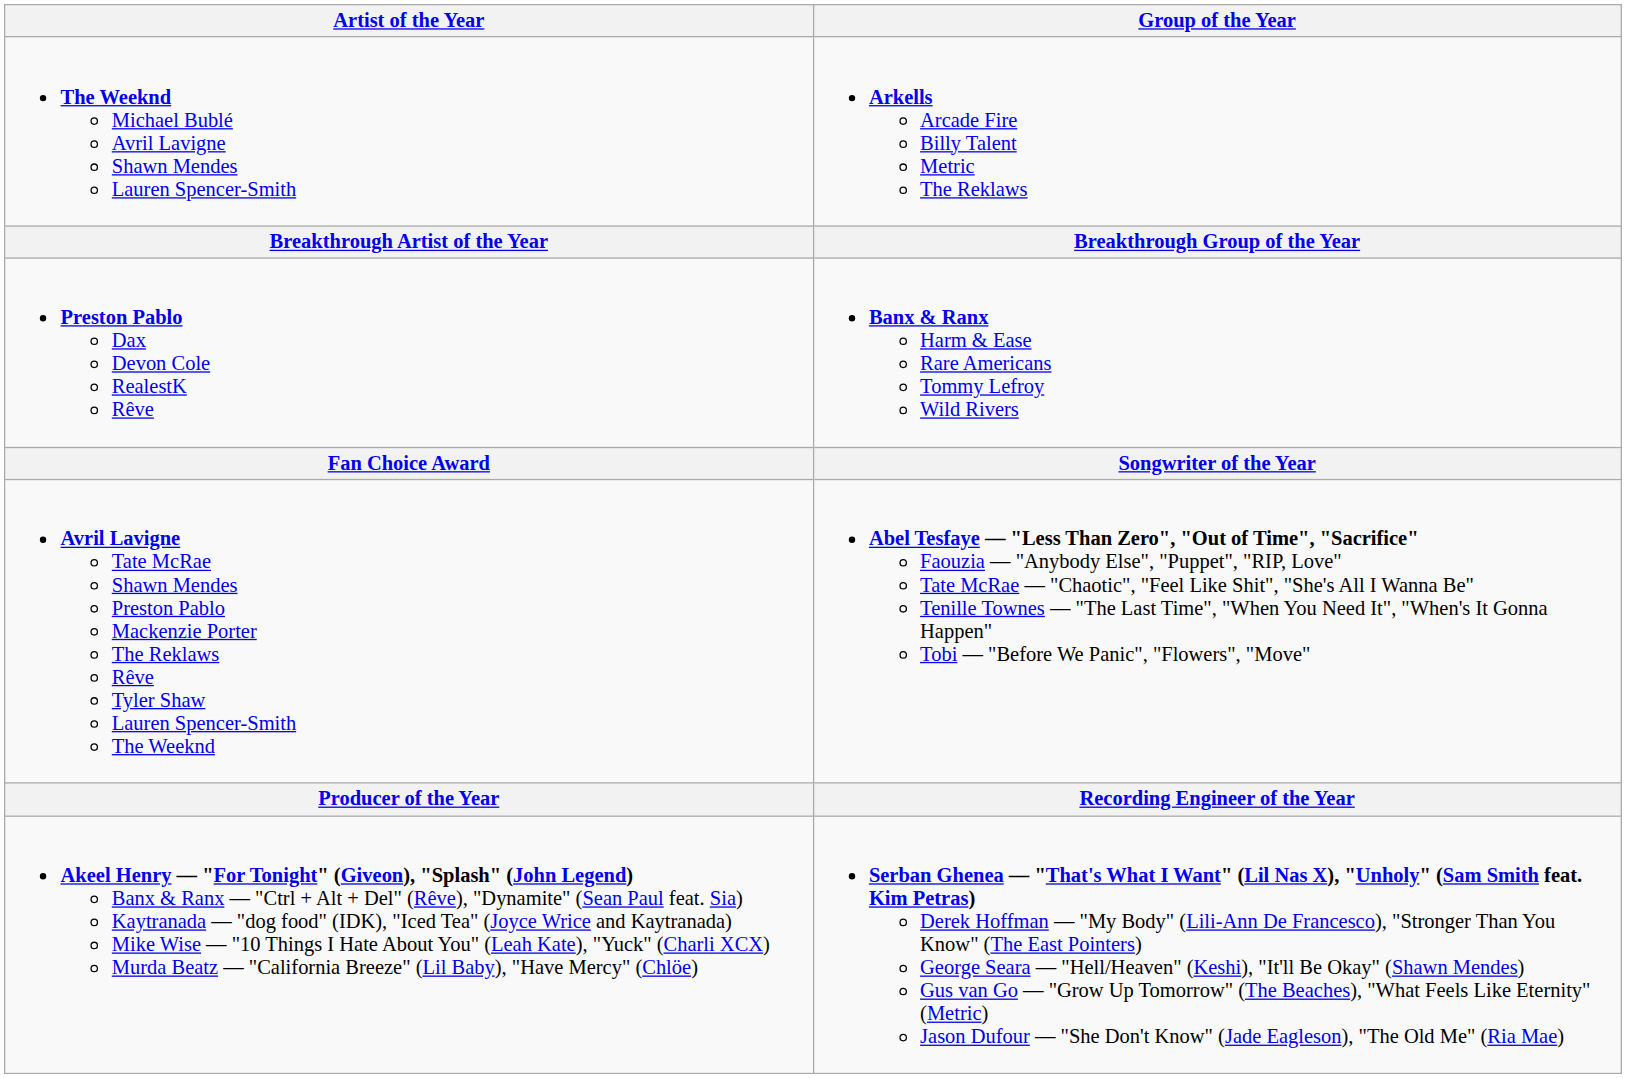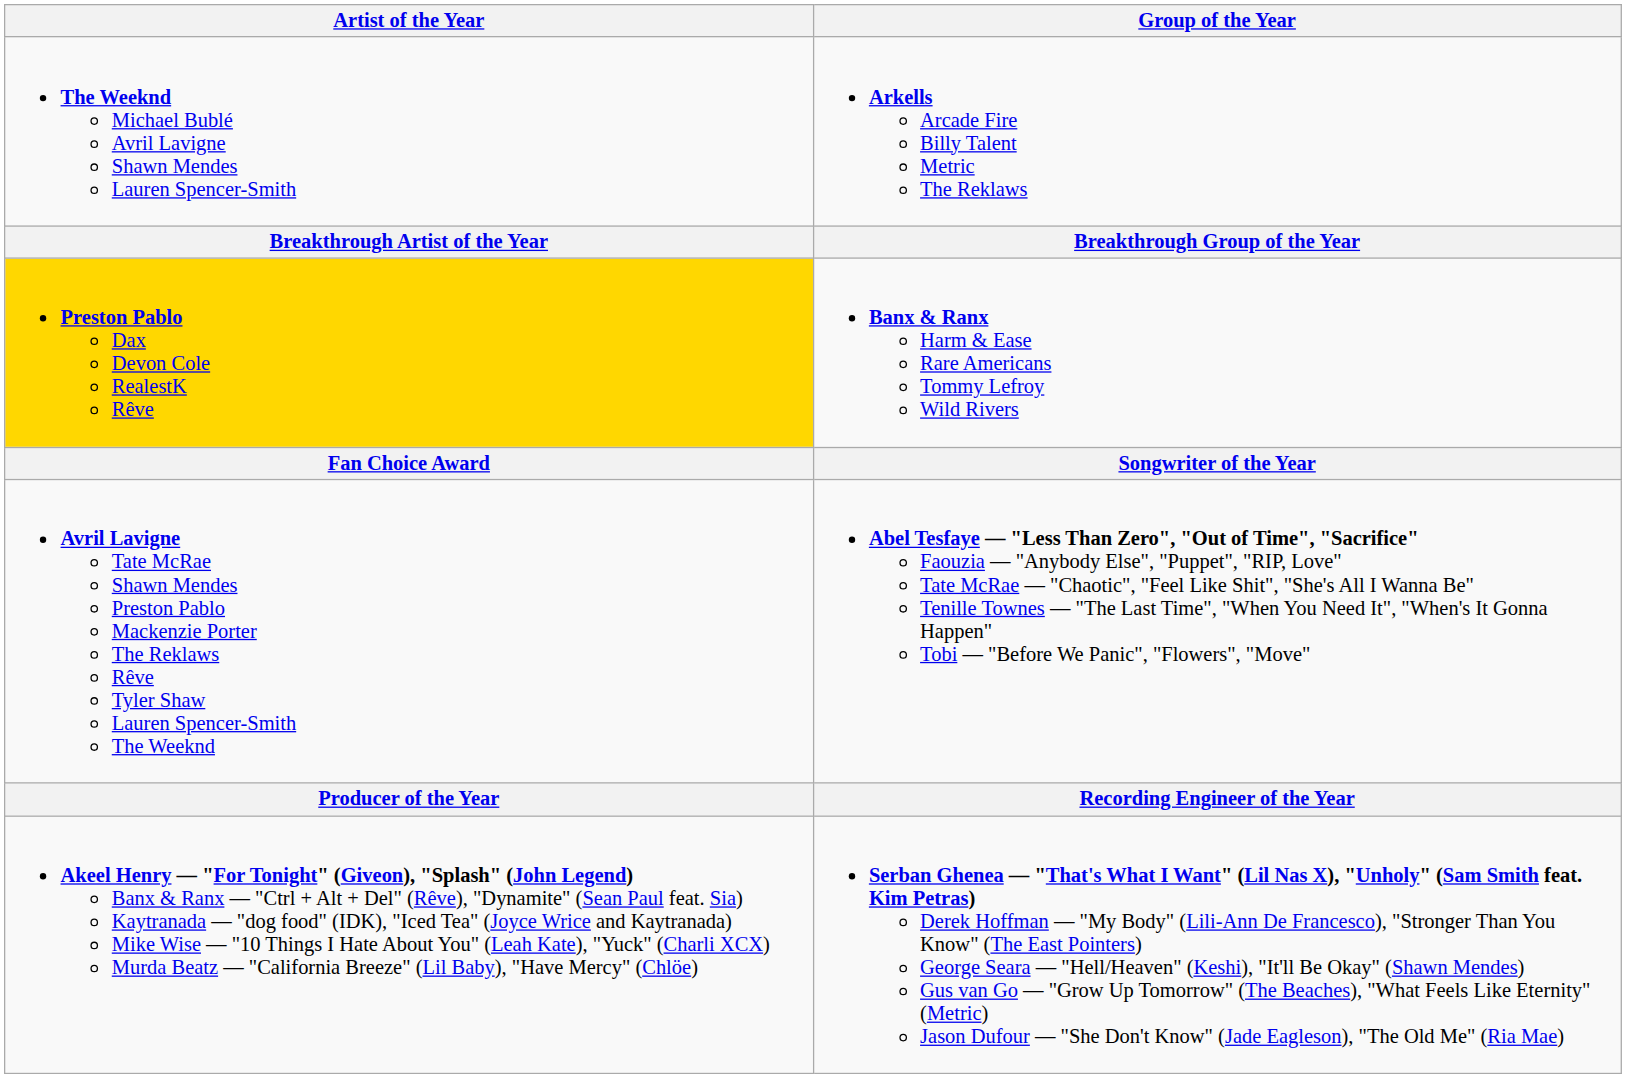 <table class="wikitable" style="width:100%">
 <tr>
 <th style="width:50%"><a href='#'>Artist of the Year</a></th>
 <th style="width:50%"><a href='#'>Group of the Year</a></th>
 </tr>
 <tr>
 <td valign="top"><br><ul><li> <strong><a href='#'>The Weeknd</a></strong><ul><li><a href='#'>Michael Bublé</a></li><li><a href='#'>Avril Lavigne</a></li><li><a href='#'>Shawn Mendes</a></li><li><a href='#'>Lauren Spencer-Smith</a></li></ul></li></ul></td>
 <td valign="top"><br><ul><li> <strong><a href='#'>Arkells</a></strong><ul><li><a href='#'>Arcade Fire</a></li><li><a href='#'>Billy Talent</a></li><li><a href='#'>Metric</a></li><li><a href='#'>The Reklaws</a></li></ul></li></ul></td>
 </tr>
 <tr>
 <th style="width:50%"><a href='#'>Breakthrough Artist of the Year</a></th>
 <th style="width:50%"><a href='#'>Breakthrough Group of the Year</a></th>
 </tr>
 <tr>
-<td valign="top"><br><ul><li> <strong><a href='#'>Preston Pablo</a></strong><ul><li><a href='#'>Dax</a></li><li><a href='#'>Devon Cole</a></li><li><a href='#'>RealestK</a></li><li><a href='#'>Rêve</a></li></ul></li></ul></td>
+<td valign="top" style="background: gold;"><br><ul><li> <strong><a href='#'>Preston Pablo</a></strong><ul><li><a href='#'>Dax</a></li><li><a href='#'>Devon Cole</a></li><li><a href='#'>RealestK</a></li><li><a href='#'>Rêve</a></li></ul></li></ul></td>
 <td valign="top"><br><ul><li> <strong><a href='#'>Banx & Ranx</a></strong><ul><li><a href='#'>Harm & Ease</a></li><li><a href='#'>Rare Americans</a></li><li><a href='#'>Tommy Lefroy</a></li><li><a href='#'>Wild Rivers</a></li></ul></li></ul></td>
 </tr>
 <tr>
 <th style="width:50%"><a href='#'>Fan Choice Award</a></th>
 <th style="width:50%"><a href='#'>Songwriter of the Year</a></th>
 </tr>
 <tr>
 <td valign="top"><br><ul><li> <strong><a href='#'>Avril Lavigne</a></strong><ul><li><a href='#'>Tate McRae</a></li><li><a href='#'>Shawn Mendes</a></li><li><a href='#'>Preston Pablo</a></li><li><a href='#'>Mackenzie Porter</a></li><li><a href='#'>The Reklaws</a></li><li><a href='#'>Rêve</a></li><li><a href='#'>Tyler Shaw</a></li><li><a href='#'>Lauren Spencer-Smith</a></li><li><a href='#'>The Weeknd</a></li></ul></li></ul></td>
 <td valign="top"><br><ul><li> <strong><a href='#'>Abel Tesfaye</a> — "Less Than Zero", "Out of Time", "Sacrifice"</strong><ul><li><a href='#'>Faouzia</a> — "Anybody Else", "Puppet", "RIP, Love"</li><li><a href='#'>Tate McRae</a> — "Chaotic", "Feel Like Shit", "She's All I Wanna Be"</li><li><a href='#'>Tenille Townes</a> — "The Last Time", "When You Need It", "When's It Gonna Happen"</li><li><a href='#'>Tobi</a> — "Before We Panic", "Flowers", "Move"</li></ul></li></ul></td>
 </tr>
 <tr>
 <th style="width:50%"><a href='#'>Producer of the Year</a></th>
 <th style="width:50%"><a href='#'>Recording Engineer of the Year</a></th>
 </tr>
 <tr>
 <td valign="top"><br><ul><li> <strong><a href='#'>Akeel Henry</a> — "<a href='#'>For Tonight</a>" (<a href='#'>Giveon</a>), "Splash" (<a href='#'>John Legend</a>)</strong><ul><li><a href='#'>Banx & Ranx</a> — "Ctrl + Alt + Del" (<a href='#'>Rêve</a>), "Dynamite" (<a href='#'>Sean Paul</a> feat. <a href='#'>Sia</a>)</li><li><a href='#'>Kaytranada</a> — "dog food" (IDK), "Iced Tea" (<a href='#'>Joyce Wrice</a> and Kaytranada)</li><li><a href='#'>Mike Wise</a> — "10 Things I Hate About You" (<a href='#'>Leah Kate</a>), "Yuck" (<a href='#'>Charli XCX</a>)</li><li><a href='#'>Murda Beatz</a> — "California Breeze" (<a href='#'>Lil Baby</a>), "Have Mercy" (<a href='#'>Chlöe</a>)</li></ul></li></ul></td>
 <td valign="top"><br><ul><li> <strong><a href='#'>Serban Ghenea</a> — "<a href='#'>That's What I Want</a>" (<a href='#'>Lil Nas X</a>), "<a href='#'>Unholy</a>" (<a href='#'>Sam Smith</a> feat. <a href='#'>Kim Petras</a>)</strong><ul><li><a href='#'>Derek Hoffman</a> — "My Body" (<a href='#'>Lili-Ann De Francesco</a>), "Stronger Than You Know" (<a href='#'>The East Pointers</a>)</li><li><a href='#'>George Seara</a> — "Hell/Heaven" (<a href='#'>Keshi</a>), "It'll Be Okay" (<a href='#'>Shawn Mendes</a>)</li><li><a href='#'>Gus van Go</a> — "Grow Up Tomorrow" (<a href='#'>The Beaches</a>), "What Feels Like Eternity" (<a href='#'>Metric</a>)</li><li><a href='#'>Jason Dufour</a> — "She Don't Know" (<a href='#'>Jade Eagleson</a>), "The Old Me" (<a href='#'>Ria Mae</a>)</li></ul></li></ul></td>
 </tr>
 </table>
